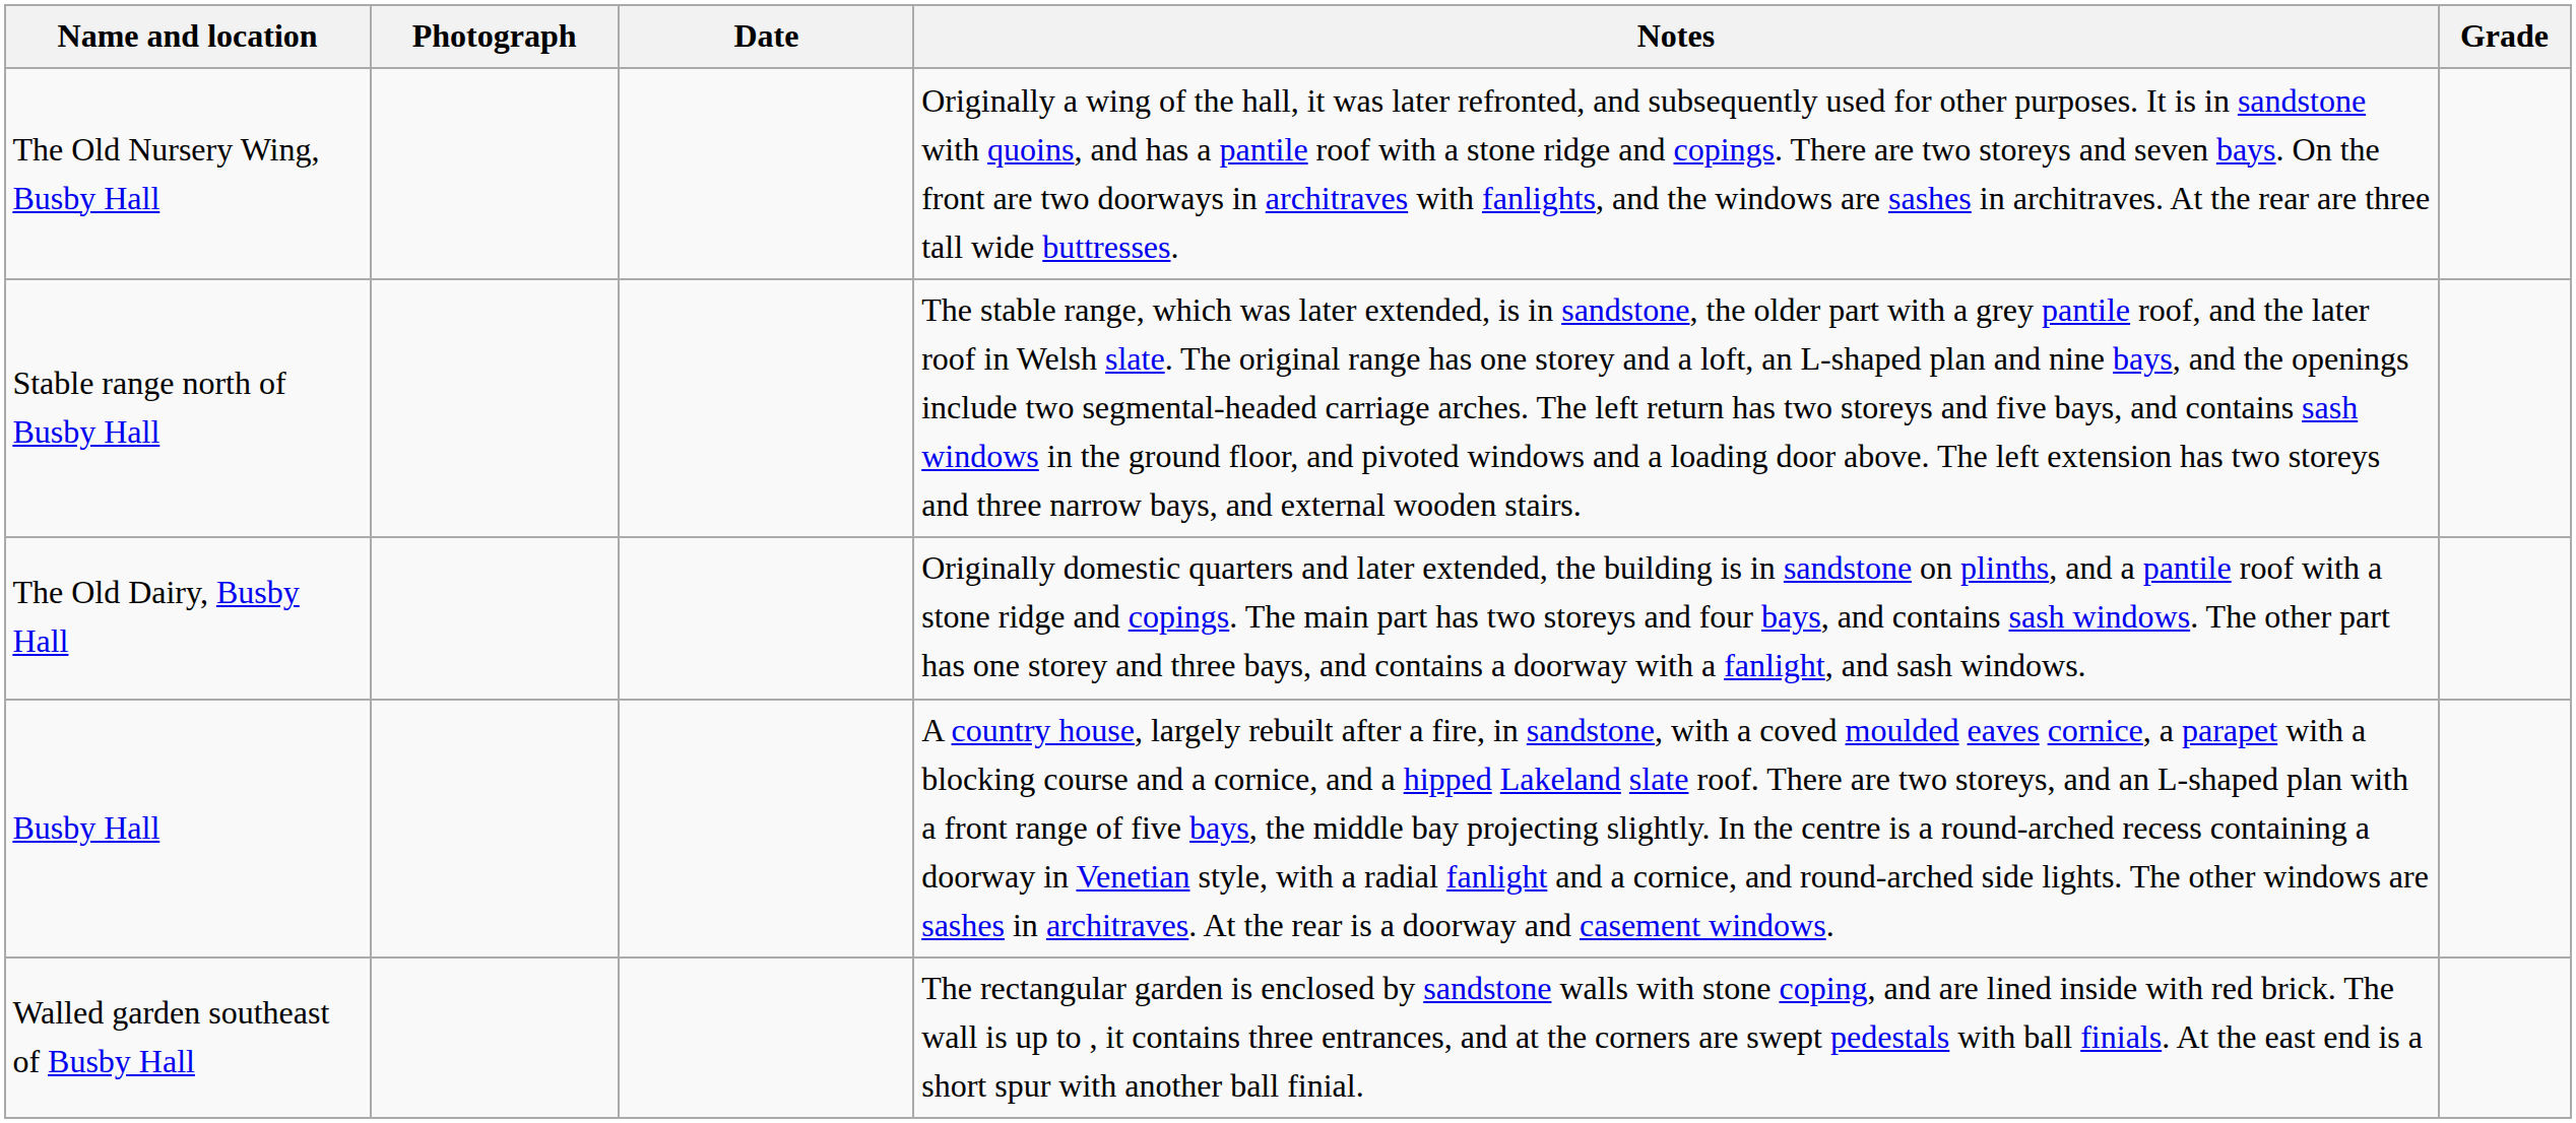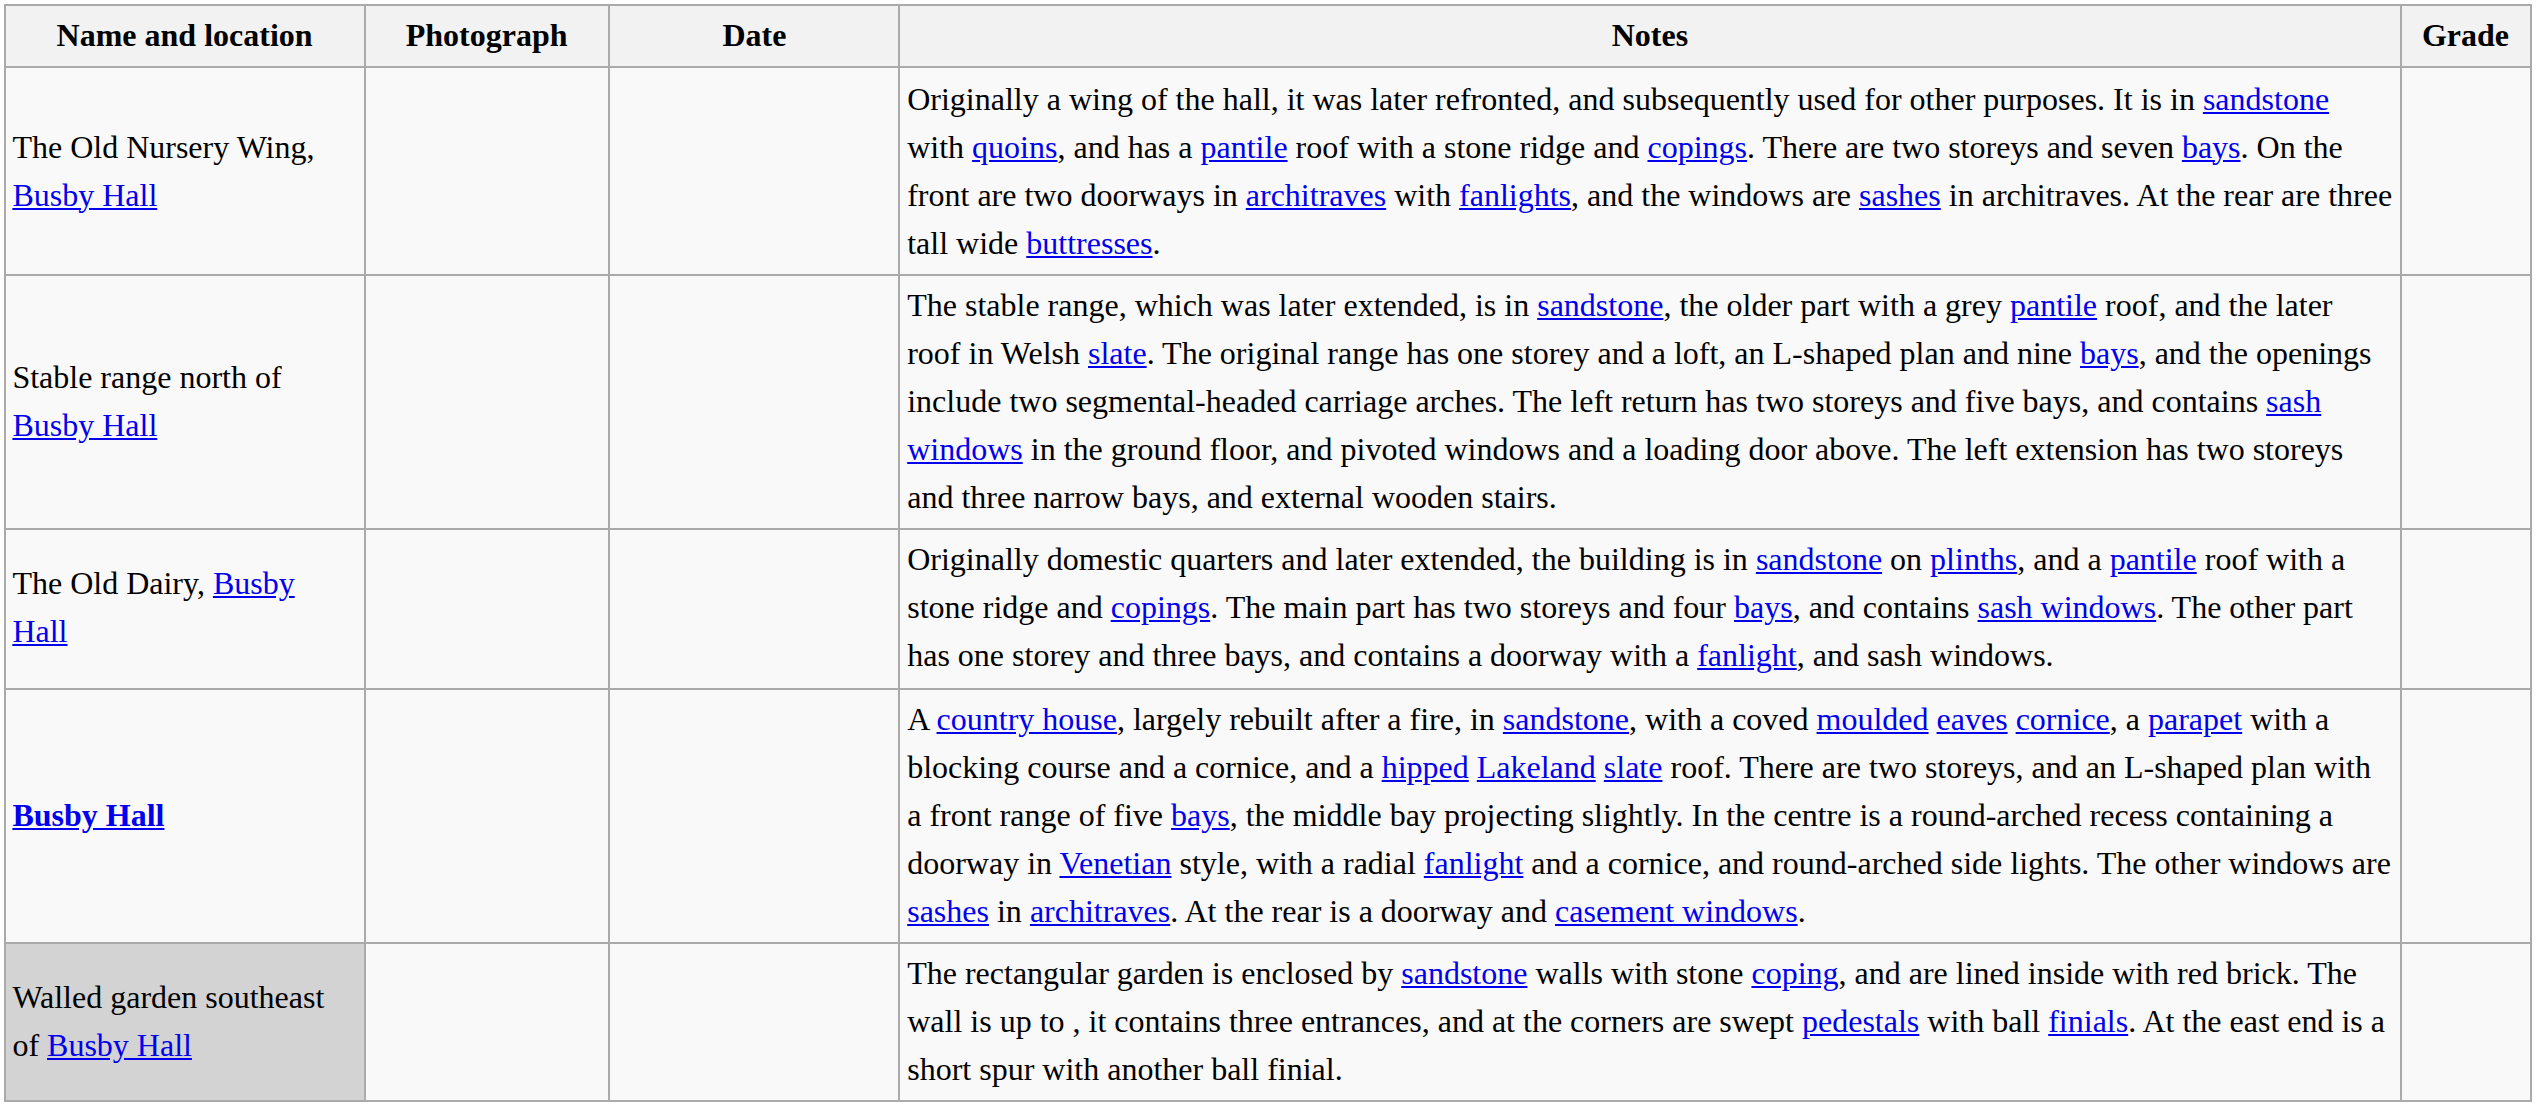 <table class="wikitable sortable plainrowheaders" style="width:100%; border:0px; text-align:left; line-height:150%">
 <tr>
 <th scope="col"  style="width:150px">Name and location</th>
 <th scope="col"  style="width:100px" class="unsortable">Photograph</th>
 <th scope="col"  style="width:120px">Date</th>
 <th scope="col"  style="width:650px" class="unsortable">Notes</th>
 <th scope="col"  style="width:50px">Grade</th>
 </tr>
 <tr>
 <td>The Old Nursery Wing, <a href='#'>Busby Hall</a><br></td>
 <td></td>
 <td align="center"></td>
 <td>Originally a wing of the hall, it was later refronted, and subsequently used for other purposes. It is in <a href='#'>sandstone</a> with <a href='#'>quoins</a>, and has a <a href='#'>pantile</a> roof with a stone ridge and <a href='#'>copings</a>. There are two storeys and seven <a href='#'>bays</a>. On the front are two doorways in <a href='#'>architraves</a> with <a href='#'>fanlights</a>, and the windows are <a href='#'>sashes</a> in architraves. At the rear are three tall wide <a href='#'>buttresses</a>.</td>
 <td align="center" ></td>
 </tr>
 <tr>
 <td>Stable range north of <a href='#'>Busby Hall</a><br></td>
 <td></td>
 <td align="center"></td>
 <td>The stable range, which was later extended, is in <a href='#'>sandstone</a>, the older part with a grey <a href='#'>pantile</a> roof, and the later roof in Welsh <a href='#'>slate</a>. The original range has one storey and a loft, an L-shaped plan and nine <a href='#'>bays</a>, and the openings include two segmental-headed carriage arches. The left return has two storeys and five bays, and contains <a href='#'>sash windows</a> in the ground floor, and pivoted windows and a loading door above. The left extension has two storeys and three narrow bays, and external wooden stairs.</td>
 <td align="center" ></td>
 </tr>
 <tr>
 <td>The Old Dairy, <a href='#'>Busby Hall</a><br></td>
 <td></td>
 <td align="center"></td>
 <td>Originally domestic quarters and later extended, the building is in <a href='#'>sandstone</a> on <a href='#'>plinths</a>, and a <a href='#'>pantile</a> roof with a stone ridge and <a href='#'>copings</a>. The main part has two storeys and four <a href='#'>bays</a>, and contains <a href='#'>sash windows</a>. The other part has one storey and three bays, and contains a doorway with a <a href='#'>fanlight</a>, and sash windows.</td>
 <td align="center" ></td>
 </tr>
 <tr>
-<td><a href='#'>Busby Hall</a><br></td>
+<td><strong><a href='#'>Busby Hall</a><br></strong></td>
 <td></td>
 <td align="center"></td>
 <td>A <a href='#'>country house</a>, largely rebuilt after a fire, in <a href='#'>sandstone</a>, with a coved <a href='#'>moulded</a> <a href='#'>eaves</a> <a href='#'>cornice</a>, a <a href='#'>parapet</a> with a blocking course and a cornice, and a <a href='#'>hipped</a> <a href='#'>Lakeland</a> <a href='#'>slate</a> roof. There are two storeys, and an L-shaped plan with a front range of five <a href='#'>bays</a>, the middle bay projecting slightly. In the centre is a round-arched recess containing a doorway in <a href='#'>Venetian</a> style, with a radial <a href='#'>fanlight</a> and a cornice, and round-arched side lights. The other windows are <a href='#'>sashes</a> in <a href='#'>architraves</a>. At the rear is a doorway and <a href='#'>casement windows</a>.</td>
 <td align="center" ></td>
 </tr>
 <tr>
-<td>Walled garden southeast of <a href='#'>Busby Hall</a><br></td>
+<td style="background: lightgrey;">Walled garden southeast of <a href='#'>Busby Hall</a><br></td>
 <td></td>
 <td align="center"></td>
 <td>The rectangular garden is enclosed by <a href='#'>sandstone</a> walls with stone <a href='#'>coping</a>, and are lined inside with red brick. The wall is up to , it contains three entrances, and at the corners are swept <a href='#'>pedestals</a> with ball <a href='#'>finials</a>. At the east end is a short spur with another ball finial.</td>
 <td align="center" ></td>
 </tr>
 <tr>
 </tr>
 </table>
